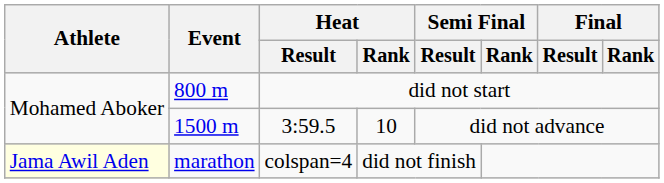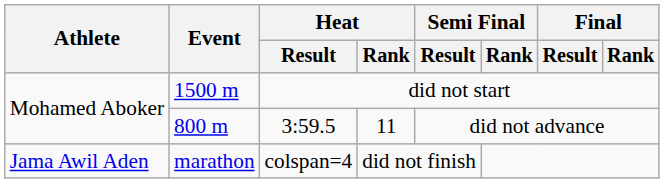 <table class=wikitable style="font-size:90%">
 <tr>
 <th rowspan="2">Athlete</th>
 <th rowspan="2">Event</th>
 <th colspan="2">Heat</th>
 <th colspan="2">Semi Final</th>
 <th colspan="2">Final</th>
 </tr>
 <tr style="font-size:95%">
 <th>Result</th>
 <th>Rank</th>
 <th>Result</th>
 <th>Rank</th>
 <th>Result</th>
 <th>Rank</th>
 </tr>
 <tr align=center>
 <td align=left rowspan=2>Mohamed Aboker</td>
-<td align=left><a href='#'>800 m</a></td>
+<td align=left><a href='#'>1500 m</a></td>
 <td colspan=6>did not start</td>
 </tr>
 <tr align=center>
-<td align=left><a href='#'>1500 m</a></td>
+<td align=left><a href='#'>800 m</a></td>
 <td>3:59.5</td>
-<td>10</td>
+<td>11</td>
 <td colspan=4>did not advance</td>
 </tr>
 <tr align=center>
-<td align=left style="background: lightyellow;"><a href='#'>Jama Awil Aden</a></td>
+<td align=left><a href='#'>Jama Awil Aden</a></td>
 <td align=left><a href='#'>marathon</a></td>
 <td>colspan=4 </td>
 <td colspan=2>did not finish</td>
 </tr>
 </table>
